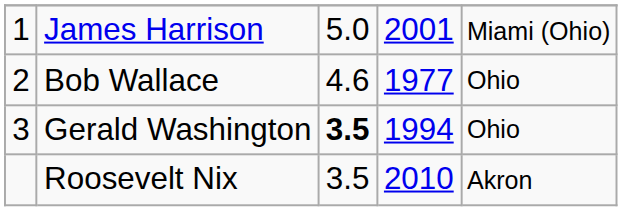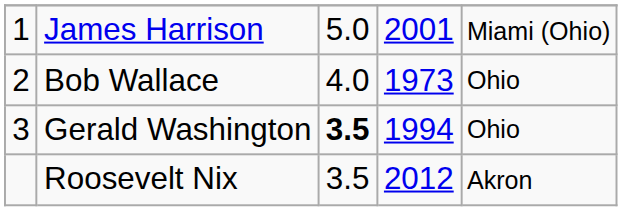 <table class="wikitable" style="display:inline-table;">
 <tr>
 </tr>
 <tr>
 <td>1</td>
 <td><a href='#'>James Harrison</a></td>
 <td>5.0</td>
 <td><a href='#'>2001</a></td>
 <td style="font-size:80%;">Miami (Ohio)</td>
 </tr>
 <tr>
 <td>2</td>
 <td>Bob Wallace</td>
-<td>4.6</td>
-<td><a href='#'>1977</a></td>
+<td>4.0</td>
+<td><a href='#'>1973</a></td>
 <td style="font-size:80%;">Ohio</td>
 </tr>
 <tr>
 <td>3</td>
 <td>Gerald Washington</td>
 <td><strong>3.5</strong></td>
 <td><a href='#'>1994</a></td>
 <td style="font-size:80%;">Ohio</td>
 </tr>
 <tr>
 <td></td>
 <td>Roosevelt Nix</td>
 <td>3.5</td>
-<td><a href='#'>2010</a></td>
+<td><a href='#'>2012</a></td>
 <td style="font-size:80%;">Akron</td>
 </tr>
 </table>
